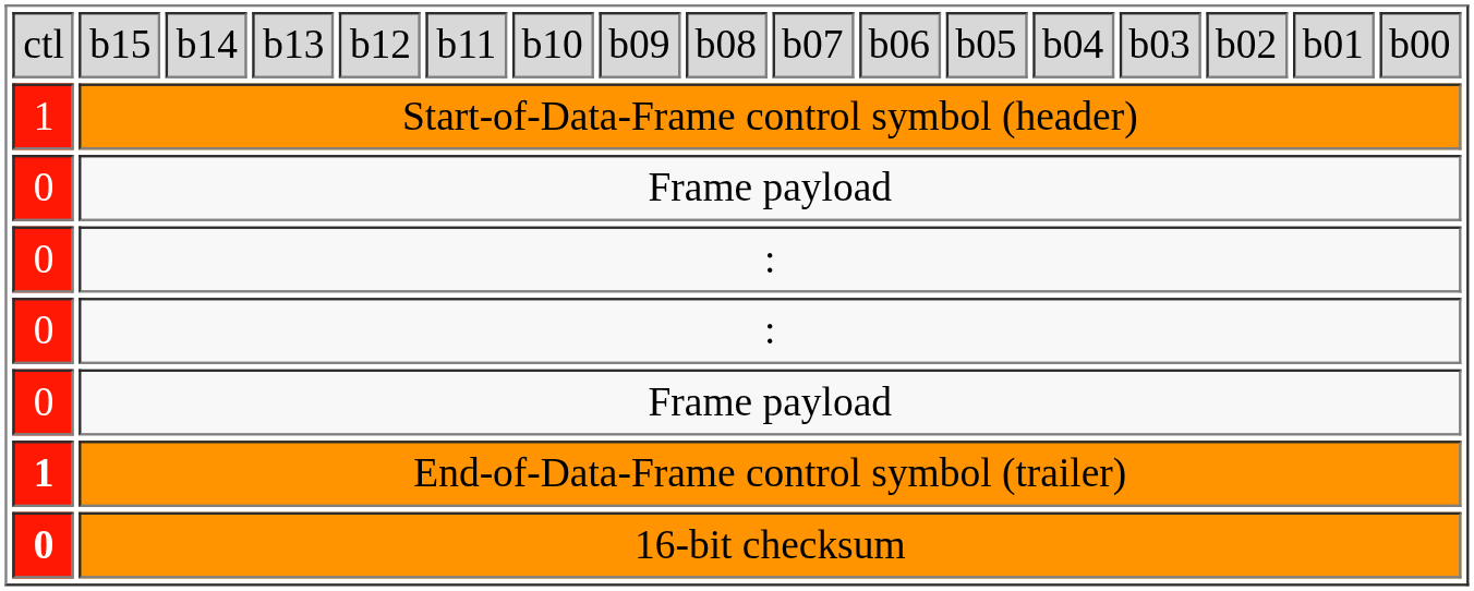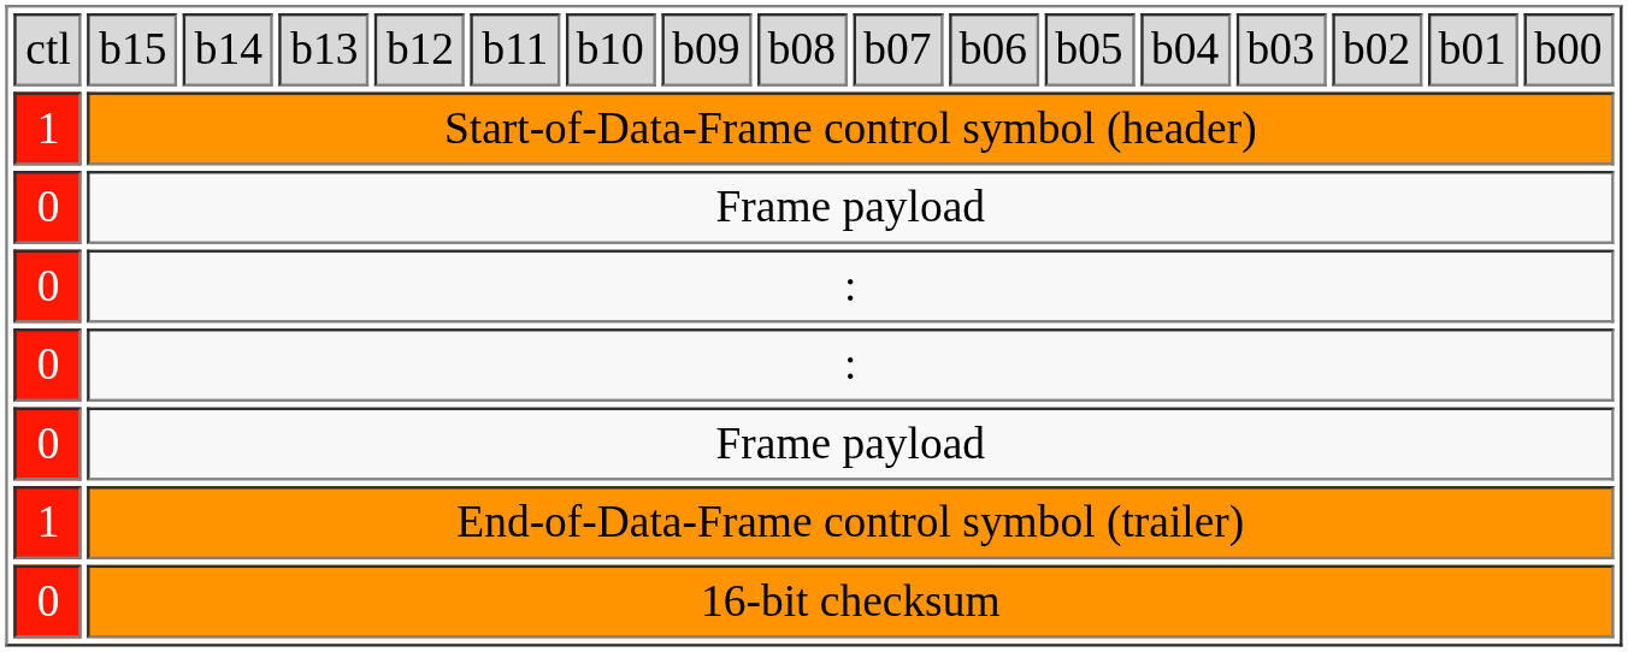 <table border="1" cellpadding="3" style="margin: 1em auto 1em auto">
 <tr style="background:#D8D8D8; color:black">
 <td align="center background:#FF1804;">ctl</td>
 <td>b15</td>
 <td>b14</td>
 <td>b13</td>
 <td>b12</td>
 <td>b11</td>
 <td>b10</td>
 <td>b09</td>
 <td>b08</td>
 <td>b07</td>
 <td>b06</td>
 <td>b05</td>
 <td>b04</td>
 <td>b03</td>
 <td>b02</td>
 <td>b01</td>
 <td>b00</td>
 </tr>
 <tr style="background:#FF9400; color:black" align="center">
 <td style="background:#FF1804; color:white">1</td>
 <td colspan="16">Start-of-Data-Frame control symbol (header)</td>
 </tr>
 <tr style="background:#F8F8F8; color:black" align="center">
 <td style="background:#FF1804; color:white">0</td>
 <td colspan="16">Frame payload</td>
 </tr>
 <tr style="background:#F8F8F8; color:black" align="center">
 <td style="background:#FF1804; color:white">0</td>
 <td colspan="16">:</td>
 </tr>
 <tr style="background:#F8F8F8; color:black" align="center">
 <td style="background:#FF1804; color:white">0</td>
 <td colspan="16">:</td>
 </tr>
 <tr style="background:#F8F8F8; color:black" align="center">
 <td style="background:#FF1804; color:white">0</td>
 <td colspan="16">Frame payload</td>
 </tr>
 <tr style="background:#FF9400; color:black" align="center">
-<td style="background:#FF1804; color:white"><strong>1</strong></td>
+<td style="background:#FF1804; color:white">1</td>
 <td colspan="16">End-of-Data-Frame control symbol (trailer)</td>
 </tr>
 <tr style="background:#FF9400; color:black" align="center">
-<td style="background:#FF1804; color:white"><strong>0</strong></td>
+<td style="background:#FF1804; color:white">0</td>
 <td colspan="16">16-bit checksum</td>
 </tr>
 </table>
